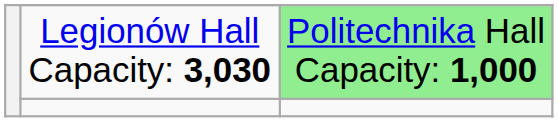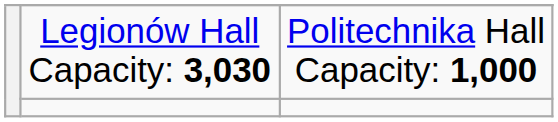 <table class="wikitable" style="text-align:center;margin: 1em auto;">
 <tr>
 <th rowspan=4></th>
 </tr>
 <tr>
 <td><a href='#'>Legionów Hall</a><br>Capacity: <strong>3,030</strong></td>
-<td style="background: lightgreen;"><a href='#'>Politechnika</a> Hall<br>Capacity: <strong>1,000</strong></td>
+<td><a href='#'>Politechnika</a> Hall<br>Capacity: <strong>1,000</strong></td>
 </tr>
 <tr>
 <td></td>
 <td></td>
 </tr>
 </table>
